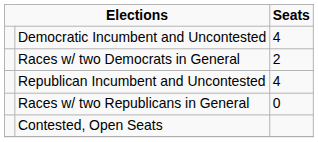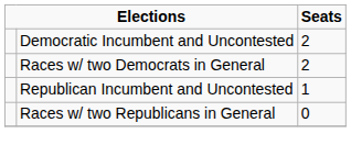 <table class="wikitable">
 <tr>
 <td colspan="2" rowspan="1" align="center"><strong>Elections</strong></td>
 <td style="vertical-align:top;"><strong>Seats</strong><br></td>
 </tr>
 <tr>
 <td style="background-color:"> </td>
 <td>Democratic Incumbent and Uncontested</td>
-<td>4</td>
+<td>2</td>
 </tr>
 <tr>
 <td style="background-color:"> </td>
 <td>Races w/ two Democrats in General</td>
 <td>2</td>
 </tr>
 <tr>
 <td style="background-color:"> </td>
 <td>Republican Incumbent and Uncontested</td>
-<td>4</td>
+<td>1</td>
 </tr>
 <tr>
 <td style="background-color:"> </td>
 <td>Races w/ two Republicans in General</td>
 <td>0</td>
 </tr>
 <tr>
-<td style="background-color:"> </td>
-<td>Contested, Open Seats</td>
-<td></td>
-</tr>
-<tr>
 </tr>
 </table>
